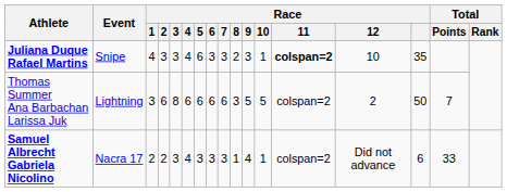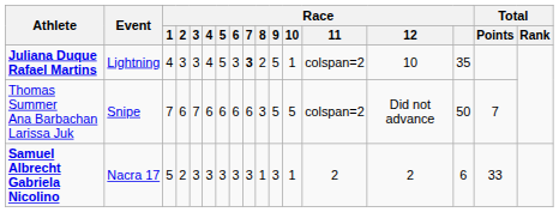 <table class=wikitable style=font-size:90%;text-align:center>
 <tr>
 <th rowspan=2>Athlete</th>
 <th rowspan=2>Event</th>
 <th colspan=13>Race</th>
 <th colspan=2>Total</th>
 </tr>
 <tr style=font-size:95%>
 <th>1</th>
 <th>2</th>
 <th>3</th>
 <th>4</th>
 <th>5</th>
 <th>6</th>
 <th>7</th>
 <th>8</th>
 <th>9</th>
 <th>10</th>
 <th>11</th>
 <th>12</th>
 <th></th>
 <th>Points</th>
 <th>Rank</th>
 </tr>
 <tr>
 <td align=left><strong><a href='#'>Juliana Duque</a><br><a href='#'>Rafael Martins</a></strong></td>
-<td align=left><a href='#'>Snipe</a></td>
+<td align=left><a href='#'>Lightning</a></td>
 <td>4</td>
 <td>3</td>
 <td>3</td>
 <td>4</td>
-<td>6</td>
+<td>5</td>
 <td>3</td>
-<td>3</td>
+<td><strong>3</strong></td>
 <td>2</td>
-<td>3</td>
+<td>5</td>
 <td>1</td>
-<td><strong>colspan=2 </strong></td>
+<td>colspan=2 </td>
 <td>10</td>
 <td>35</td>
 <td></td>
 </tr>
 <tr>
 <td align=left><a href='#'>Thomas Summer</a><br><a href='#'>Ana Barbachan</a><br><a href='#'>Larissa Juk</a></td>
-<td align=left><a href='#'>Lightning</a></td>
-<td>3</td>
+<td align=left><a href='#'>Snipe</a></td>
+<td>7</td>
 <td>6</td>
-<td>8</td>
+<td>7</td>
 <td>6</td>
 <td>6</td>
 <td>6</td>
 <td>6</td>
 <td>3</td>
 <td>5</td>
 <td>5</td>
 <td>colspan=2 </td>
-<td>2</td>
+<td>Did not advance</td>
 <td>50</td>
 <td>7</td>
 </tr>
 <tr>
 <td align=left><strong><a href='#'>Samuel Albrecht</a><br><a href='#'>Gabriela Nicolino</a></strong></td>
 <td align=left><a href='#'>Nacra 17</a></td>
-<td>2</td>
+<td>5</td>
 <td>2</td>
 <td>3</td>
-<td>4</td>
+<td>3</td>
 <td>3</td>
 <td>3</td>
 <td>3</td>
 <td>1</td>
-<td>4</td>
+<td>3</td>
 <td>1</td>
-<td>colspan=2 </td>
-<td>Did not advance</td>
+<td>2</td>
+<td>2</td>
 <td>6</td>
 <td>33</td>
 <td></td>
 </tr>
 </table>
